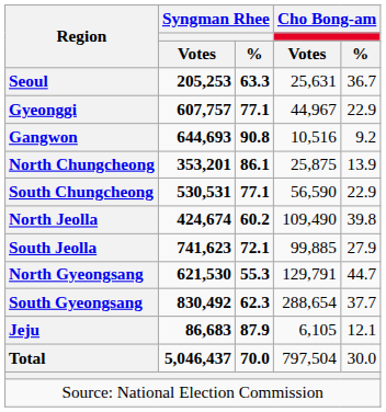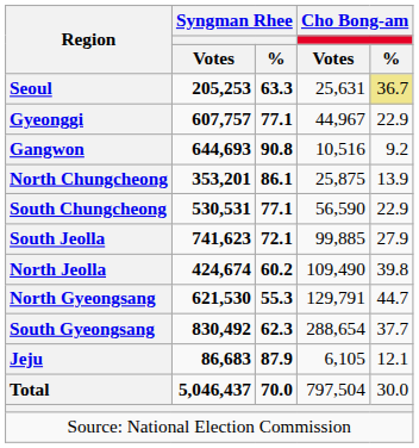 <table class="wikitable" style="text-align:center; font-size: 0.9em;">
 <tr>
 <th rowspan="3">Region</th>
 <th colspan="2"><a href='#'>Syngman Rhee</a></th>
 <th colspan="2"><a href='#'>Cho Bong-am</a></th>
 </tr>
 <tr>
 <th colspan="2" style="background:"></th>
 <th colspan="2" style="background:#e60026;"></th>
 </tr>
 <tr>
 <th>Votes</th>
 <th>%</th>
 <th>Votes</th>
 <th>%</th>
 </tr>
 <tr>
 <th style="text-align: left;"><a href='#'>Seoul</a></th>
 <td align="right"><strong>205,253</strong></td>
 <td align="right"><strong>63.3</strong></td>
 <td align="right">25,631</td>
-<td align="right">36.7</td>
+<td align="right" style="background: khaki;">36.7</td>
 </tr>
 <tr>
 <th style="text-align: left;"><a href='#'>Gyeonggi</a></th>
 <td align="right"><strong>607,757</strong></td>
 <td align="right"><strong>77.1</strong></td>
 <td align="right">44,967</td>
 <td align="right">22.9</td>
 </tr>
 <tr>
 <th style="text-align: left;"><a href='#'>Gangwon</a></th>
 <td align="right"><strong>644,693</strong></td>
 <td align="right"><strong>90.8</strong></td>
 <td align="right">10,516</td>
 <td align="right">9.2</td>
 </tr>
 <tr>
 <th style="text-align: left;"><a href='#'>North Chungcheong</a></th>
 <td align="right"><strong>353,201</strong></td>
 <td align="right"><strong>86.1</strong></td>
 <td align="right">25,875</td>
 <td align="right">13.9</td>
 </tr>
 <tr>
 <th style="text-align: left;"><a href='#'>South Chungcheong</a></th>
 <td align="right"><strong>530,531</strong></td>
 <td align="right"><strong>77.1</strong></td>
 <td align="right">56,590</td>
 <td align="right">22.9</td>
 </tr>
 <tr>
+<th style="text-align: left;"><a href='#'>South Jeolla</a></th>
+<td align="right"><strong>741,623</strong></td>
+<td align="right"><strong>72.1</strong></td>
+<td align="right">99,885</td>
+<td align="right">27.9</td>
+</tr>
+<tr>
 <th style="text-align: left;"><a href='#'>North Jeolla</a></th>
 <td align="right"><strong>424,674</strong></td>
 <td align="right"><strong>60.2</strong></td>
 <td align="right">109,490</td>
 <td align="right">39.8</td>
-</tr>
-<tr>
-<th style="text-align: left;"><a href='#'>South Jeolla</a></th>
-<td align="right"><strong>741,623</strong></td>
-<td align="right"><strong>72.1</strong></td>
-<td align="right">99,885</td>
-<td align="right">27.9</td>
 </tr>
 <tr>
 <th style="text-align: left;"><a href='#'>North Gyeongsang</a></th>
 <td align="right"><strong>621,530</strong></td>
 <td align="right"><strong>55.3</strong></td>
 <td align="right">129,791</td>
 <td align="right">44.7</td>
 </tr>
 <tr>
 <th style="text-align: left;"><a href='#'>South Gyeongsang</a></th>
 <td align="right"><strong>830,492</strong></td>
 <td align="right"><strong>62.3</strong></td>
 <td align="right">288,654</td>
 <td align="right">37.7</td>
 </tr>
 <tr>
 <th style="text-align: left;"><a href='#'>Jeju</a></th>
 <td align="right"><strong>86,683</strong></td>
 <td align="right"><strong>87.9</strong></td>
 <td align="right">6,105</td>
 <td align="right">12.1</td>
 </tr>
 <tr class="sortbottom">
 <th style="text-align: left;">Total</th>
 <td align="right"><strong>5,046,437</strong></td>
 <td align="right"><strong>70.0</strong></td>
 <td align="right">797,504</td>
 <td align="right">30.0</td>
 </tr>
 <tr>
 <th colspan="5"></th>
 </tr>
 <tr>
 <td colspan="5">Source: National Election Commission</td>
 </tr>
 </table>
